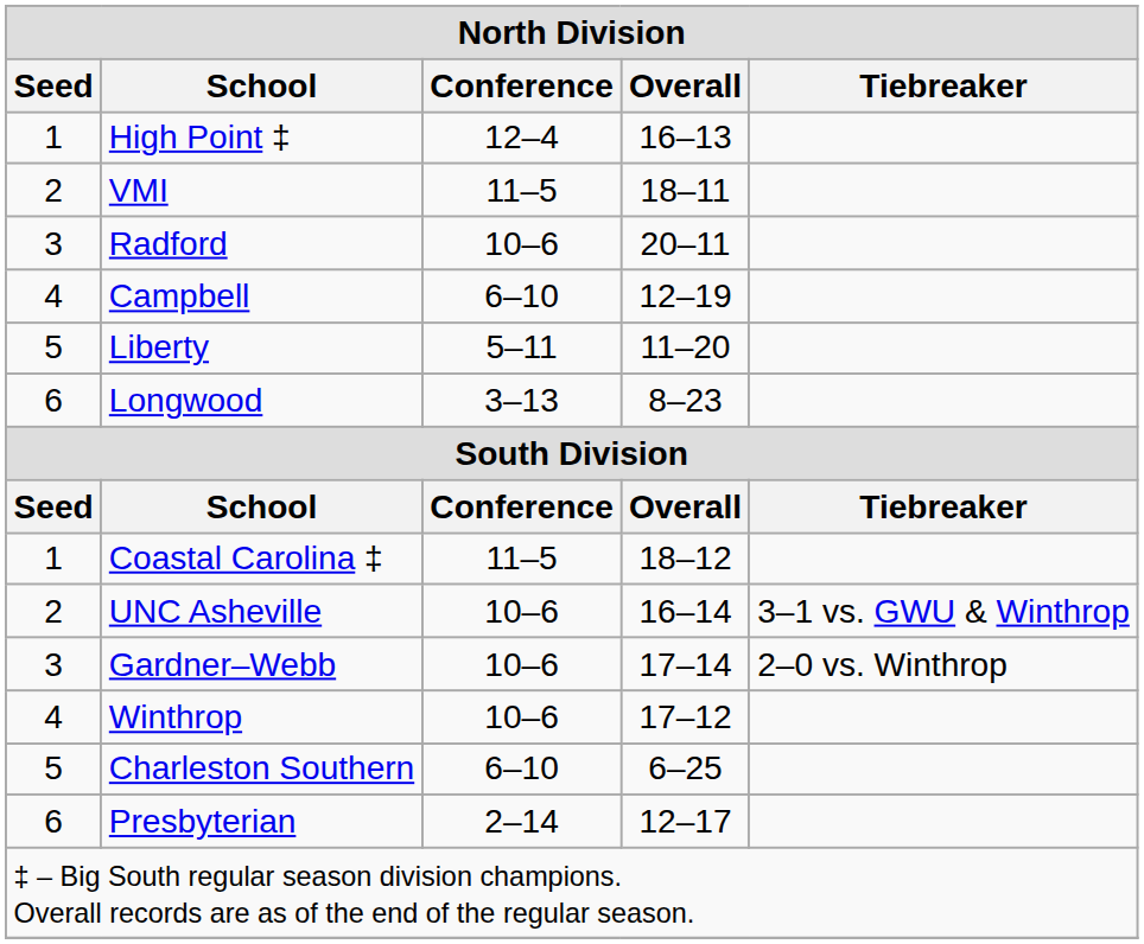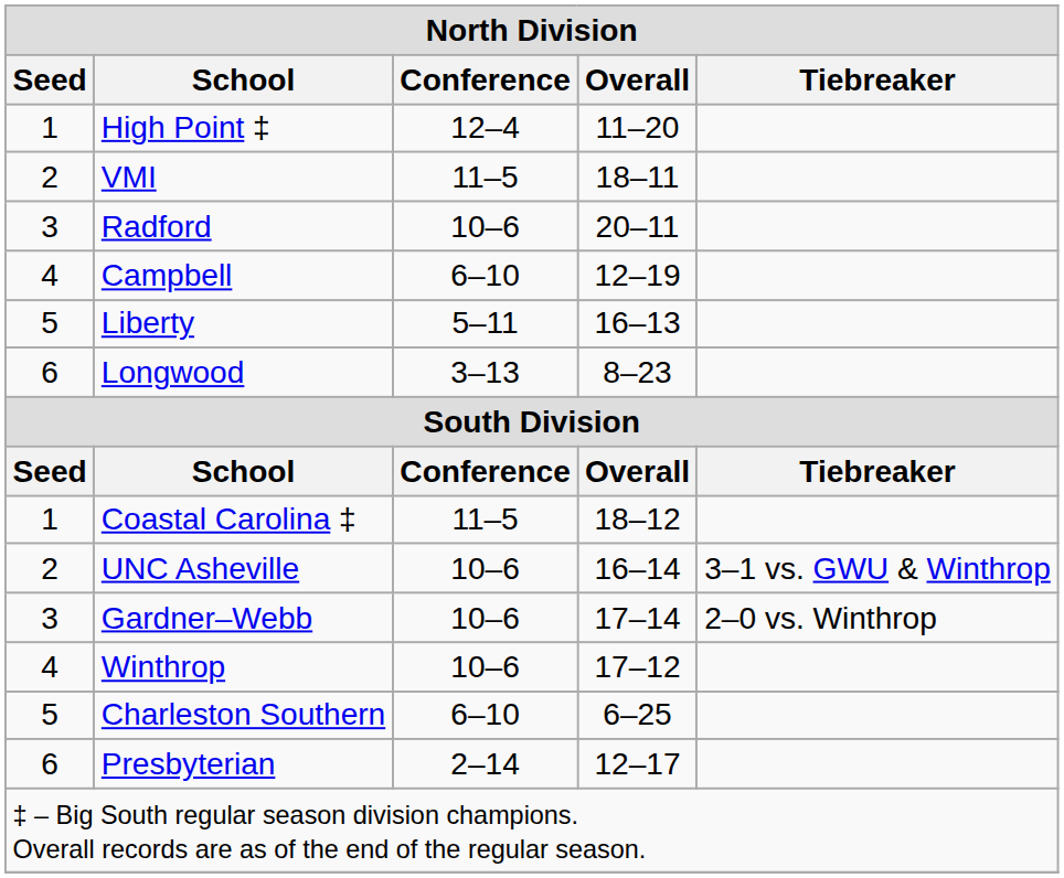 <table class="wikitable" style="white-space:nowrap; font-size:90%;text-align:center">
 <tr>
 <td colspan="5" style="background:#DDDDDD; font:#000000"><strong>North Division</strong></td>
 </tr>
 <tr>
 <th>Seed</th>
 <th>School</th>
 <th>Conference</th>
 <th>Overall</th>
 <th>Tiebreaker</th>
 </tr>
 <tr>
 <td>1</td>
 <td align=left><a href='#'>High Point</a> ‡</td>
 <td>12–4</td>
-<td>16–13</td>
+<td>11–20</td>
 <td></td>
 </tr>
 <tr>
 <td>2</td>
 <td align=left><a href='#'>VMI</a></td>
 <td>11–5</td>
 <td>18–11</td>
 <td></td>
 </tr>
 <tr>
 <td>3</td>
 <td align=left><a href='#'>Radford</a></td>
 <td>10–6</td>
 <td>20–11</td>
 <td></td>
 </tr>
 <tr>
 <td>4</td>
 <td align=left><a href='#'>Campbell</a></td>
 <td>6–10</td>
 <td>12–19</td>
 <td></td>
 </tr>
 <tr>
 <td>5</td>
 <td align=left><a href='#'>Liberty</a></td>
 <td>5–11</td>
-<td>11–20</td>
+<td>16–13</td>
 <td></td>
 </tr>
 <tr>
 <td>6</td>
 <td align=left><a href='#'>Longwood</a></td>
 <td>3–13</td>
 <td>8–23</td>
 <td></td>
 </tr>
 <tr>
 <td colspan="10" style="text-align:center; background:#DDDDDD; font:#000000"><strong>South Division</strong></td>
 </tr>
 <tr>
 <th>Seed</th>
 <th>School</th>
 <th>Conference</th>
 <th>Overall</th>
 <th>Tiebreaker</th>
 </tr>
 <tr>
 <td>1</td>
 <td align=left><a href='#'>Coastal Carolina</a> ‡</td>
 <td>11–5</td>
 <td>18–12</td>
 <td></td>
 </tr>
 <tr>
 <td>2</td>
 <td align=left><a href='#'>UNC Asheville</a></td>
 <td>10–6</td>
 <td>16–14</td>
 <td align=left>3–1 vs. <a href='#'>GWU</a> & <a href='#'>Winthrop</a></td>
 </tr>
 <tr>
 <td>3</td>
 <td align=left><a href='#'>Gardner–Webb</a></td>
 <td>10–6</td>
 <td>17–14</td>
 <td align=left>2–0 vs. Winthrop</td>
 </tr>
 <tr>
 <td>4</td>
 <td align=left><a href='#'>Winthrop</a></td>
 <td>10–6</td>
 <td>17–12</td>
 <td></td>
 </tr>
 <tr>
 <td>5</td>
 <td align=left><a href='#'>Charleston Southern</a></td>
 <td>6–10</td>
 <td>6–25</td>
 <td></td>
 </tr>
 <tr>
 <td>6</td>
 <td align=left><a href='#'>Presbyterian</a></td>
 <td>2–14</td>
 <td>12–17</td>
 <td></td>
 </tr>
 <tr>
 <td colspan="5" align=left><small>‡ – Big South regular season division champions.<br>Overall records are as of the end of the regular season.</small></td>
 </tr>
 <tr>
 </tr>
 </table>
